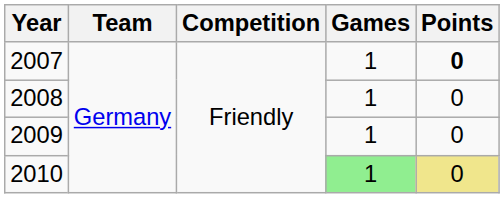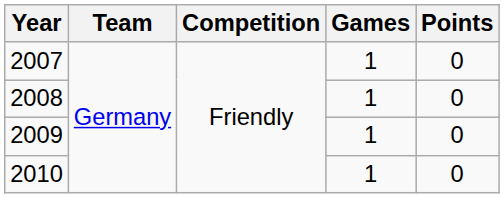 <table class="wikitable">
 <tr>
 <th>Year</th>
 <th>Team</th>
 <th>Competition</th>
 <th>Games</th>
 <th>Points</th>
 </tr>
 <tr align="center">
 <td>2007</td>
 <td rowspan=4><a href='#'>Germany</a></td>
 <td rowspan=4>Friendly</td>
 <td>1</td>
-<td><strong>0</strong></td>
+<td>0</td>
 </tr>
 <tr align="center">
 <td>2008</td>
 <td>1</td>
 <td>0</td>
 </tr>
 <tr align="center">
 <td>2009</td>
 <td>1</td>
 <td>0</td>
 </tr>
 <tr align="center">
 <td>2010</td>
-<td style="background: lightgreen;">1</td>
-<td style="background: khaki;">0</td>
+<td>1</td>
+<td>0</td>
 </tr>
 </table>
